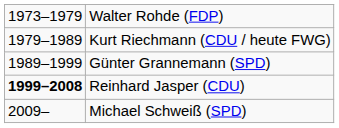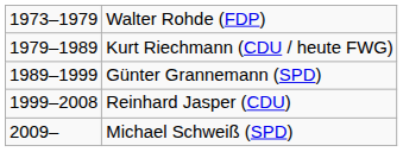 <table class="wikitable">
 <tr>
 <td>1973–1979</td>
 <td>Walter Rohde (<a href='#'>FDP</a>)</td>
 </tr>
 <tr>
 <td>1979–1989</td>
 <td>Kurt Riechmann (<a href='#'>CDU</a> / heute FWG)</td>
 </tr>
 <tr>
 <td>1989–1999</td>
 <td>Günter Grannemann (<a href='#'>SPD</a>)</td>
 </tr>
 <tr>
-<td><strong>1999–2008</strong></td>
+<td>1999–2008</td>
 <td>Reinhard Jasper (<a href='#'>CDU</a>)</td>
 </tr>
 <tr>
 <td>2009–</td>
 <td>Michael Schweiß (<a href='#'>SPD</a>)</td>
 </tr>
 </table>
